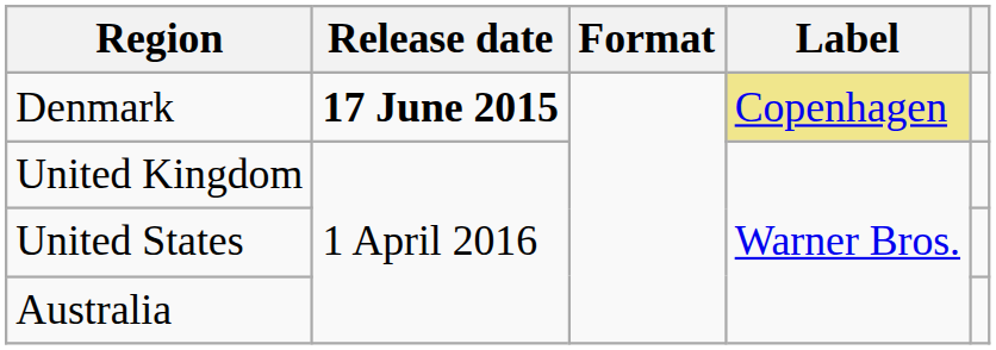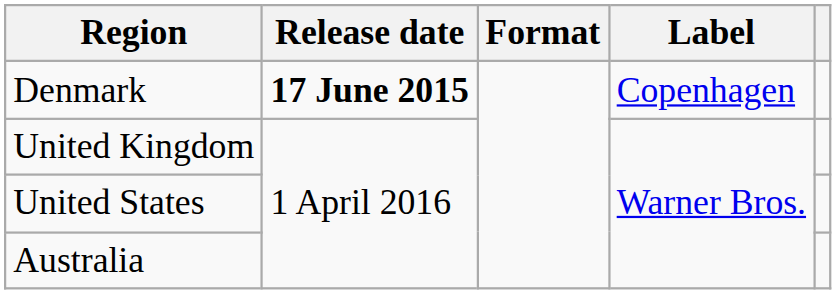 <table class="wikitable">
 <tr>
 <th>Region</th>
 <th>Release date</th>
 <th>Format</th>
 <th>Label</th>
 <th></th>
 </tr>
 <tr>
 <td>Denmark</td>
 <td><strong>17 June 2015</strong></td>
 <td rowspan="5"></td>
-<td style="background: khaki;"><a href='#'>Copenhagen</a></td>
+<td><a href='#'>Copenhagen</a></td>
 <td></td>
 </tr>
 <tr>
 <td>United Kingdom</td>
 <td rowspan="3">1 April 2016</td>
 <td rowspan="3"><a href='#'>Warner Bros.</a></td>
 <td></td>
 </tr>
 <tr>
 <td>United States</td>
 <td></td>
 </tr>
 <tr>
 <td>Australia</td>
 <td></td>
 </tr>
 </table>
